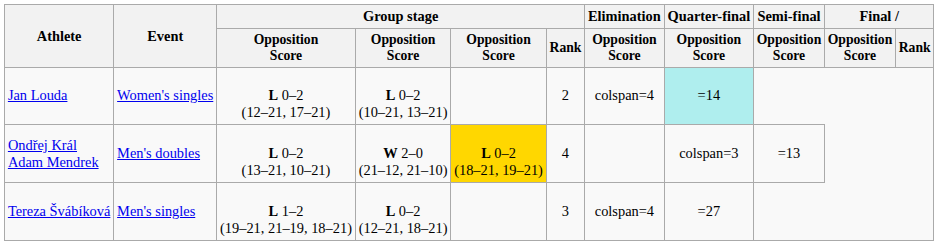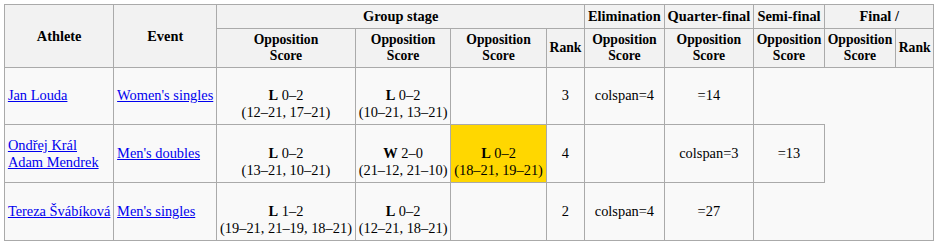 <table class="wikitable" style="font-size:90%">
 <tr>
 <th rowspan="2">Athlete</th>
 <th rowspan="2">Event</th>
 <th colspan="4">Group stage</th>
 <th>Elimination</th>
 <th>Quarter-final</th>
 <th>Semi-final</th>
 <th colspan="2">Final / </th>
 </tr>
 <tr style="font-size:95%">
 <th>Opposition<br>Score</th>
 <th>Opposition<br>Score</th>
 <th>Opposition<br>Score</th>
 <th>Rank</th>
 <th>Opposition<br>Score</th>
 <th>Opposition<br>Score</th>
 <th>Opposition<br>Score</th>
 <th>Opposition<br>Score</th>
 <th>Rank</th>
 </tr>
 <tr align="center">
 <td align="left"><a href='#'>Jan Louda</a></td>
 <td align="left"><a href='#'>Women's singles</a></td>
 <td><br><strong>L</strong> 0–2<br>(12–21, 17–21)</td>
 <td><br><strong>L</strong> 0–2<br>(10–21, 13–21)</td>
 <td></td>
-<td>2</td>
+<td>3</td>
 <td>colspan=4 </td>
-<td style="background: paleturquoise;">=14</td>
+<td>=14</td>
 </tr>
 <tr align="center">
 <td align="left"><a href='#'>Ondřej Král</a><br><a href='#'>Adam Mendrek</a></td>
 <td align="left"><a href='#'>Men's doubles</a></td>
 <td><br><strong>L</strong> 0–2<br>(13–21, 10–21)</td>
 <td><br><strong>W</strong> 2–0<br>(21–12, 21–10)</td>
 <td style="background: gold;"><br><strong>L</strong> 0–2<br>(18–21, 19–21)</td>
 <td>4</td>
 <td></td>
 <td>colspan=3 </td>
 <td>=13</td>
 </tr>
 <tr align="center">
 <td align="left"><a href='#'>Tereza Švábíková</a></td>
 <td align="left"><a href='#'>Men's singles</a></td>
 <td><br><strong>L</strong> 1–2<br>(19–21, 21–19, 18–21)</td>
 <td><br><strong>L</strong> 0–2<br>(12–21, 18–21)</td>
 <td></td>
-<td>3</td>
+<td>2</td>
 <td>colspan=4 </td>
 <td>=27</td>
 </tr>
 </table>
